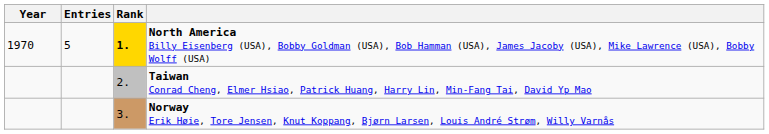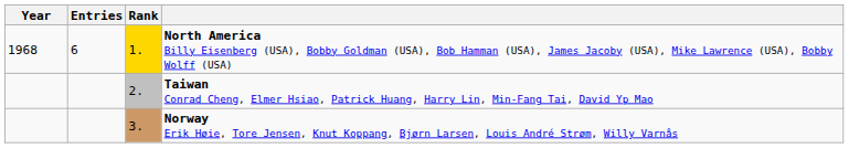 <table class="wikitable" style="width:100%;">
 <tr>
 <th>Year</th>
 <th>Entries</th>
 <th>Rank</th>
 <th></th>
 </tr>
 <tr>
-<td width=60>1970</td>
-<td>5</td>
-<td style="background:gold; width:30px;"><strong>1.</strong></td>
+<td width=60>1968</td>
+<td>6</td>
+<td style="background:gold; width:30px;">1.</td>
 <td> <strong>North America</strong><br><small><a href='#'>Billy Eisenberg</a> (USA), <a href='#'>Bobby Goldman</a> (USA), <a href='#'>Bob Hamman</a> (USA), <a href='#'>James Jacoby</a> (USA), <a href='#'>Mike Lawrence</a> (USA), <a href='#'>Bobby Wolff</a> (USA)</small></td>
 </tr>
 <tr>
 <td></td>
 <td></td>
 <td style="background:silver;">2.</td>
 <td> <strong>Taiwan</strong><br><small><a href='#'>Conrad Cheng</a>, <a href='#'>Elmer Hsiao</a>, <a href='#'>Patrick Huang</a>, <a href='#'>Harry Lin</a>, <a href='#'>Min-Fang Tai</a>, <a href='#'>David Yp Mao</a></small></td>
 </tr>
 <tr>
 <td></td>
 <td></td>
 <td style="background:#c96;">3.</td>
 <td> <strong>Norway</strong><br><small><a href='#'>Erik Høie</a>, <a href='#'>Tore Jensen</a>, <a href='#'>Knut Koppang</a>, <a href='#'>Bjørn Larsen</a>, <a href='#'>Louis André Strøm</a>, <a href='#'>Willy Varnås</a></small></td>
 </tr>
 </table>
